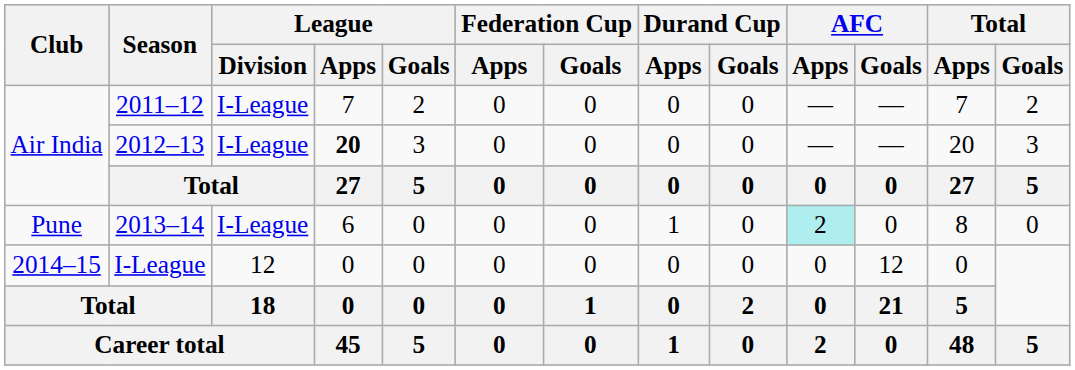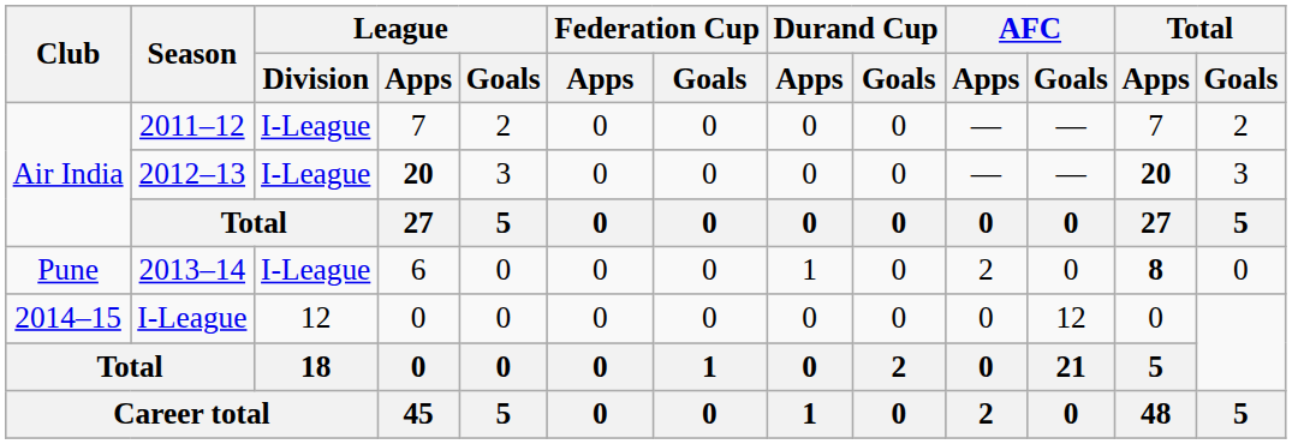 <table class="wikitable" style="text-align: center;">
 <tr>
 <th rowspan="2">Club</th>
 <th rowspan="2">Season</th>
 <th colspan="3">League</th>
 <th colspan="2">Federation Cup</th>
 <th colspan="2">Durand Cup</th>
 <th colspan="2"><a href='#'>AFC</a></th>
 <th colspan="2">Total</th>
 </tr>
 <tr>
 <th>Division</th>
 <th>Apps</th>
 <th>Goals</th>
 <th>Apps</th>
 <th>Goals</th>
 <th>Apps</th>
 <th>Goals</th>
 <th>Apps</th>
 <th>Goals</th>
 <th>Apps</th>
 <th>Goals</th>
 </tr>
 <tr>
 <td rowspan="3"><a href='#'>Air India</a></td>
 <td><a href='#'>2011–12</a></td>
 <td><a href='#'>I-League</a></td>
 <td>7</td>
 <td>2</td>
 <td>0</td>
 <td>0</td>
 <td>0</td>
 <td>0</td>
 <td>—</td>
 <td>—</td>
 <td>7</td>
 <td>2</td>
 </tr>
 <tr>
 <td><a href='#'>2012–13</a></td>
 <td><a href='#'>I-League</a></td>
 <td><strong>20</strong></td>
 <td>3</td>
 <td>0</td>
 <td>0</td>
 <td>0</td>
 <td>0</td>
 <td>—</td>
 <td>—</td>
-<td>20</td>
+<td><strong>20</strong></td>
 <td>3</td>
 </tr>
 <tr>
 <th colspan="2">Total</th>
 <th>27</th>
 <th>5</th>
 <th>0</th>
 <th>0</th>
 <th>0</th>
 <th>0</th>
 <th>0</th>
 <th>0</th>
 <th>27</th>
 <th>5</th>
 </tr>
 <tr>
 <td rowspan="1"><a href='#'>Pune</a></td>
 <td><a href='#'>2013–14</a></td>
 <td><a href='#'>I-League</a></td>
 <td>6</td>
 <td>0</td>
 <td>0</td>
 <td>0</td>
 <td>1</td>
 <td>0</td>
-<td style="background: paleturquoise;">2</td>
+<td>2</td>
 <td>0</td>
-<td>8</td>
+<td><strong>8</strong></td>
 <td>0</td>
 </tr>
 <tr>
 <td><a href='#'>2014–15</a></td>
 <td><a href='#'>I-League</a></td>
 <td>12</td>
 <td>0</td>
 <td>0</td>
 <td>0</td>
 <td>0</td>
 <td>0</td>
 <td>0</td>
 <td>0</td>
 <td>12</td>
 <td>0</td>
 </tr>
 <tr>
 <th colspan="2">Total</th>
 <th>18</th>
 <th>0</th>
 <th>0</th>
 <th>0</th>
 <th>1</th>
 <th>0</th>
 <th>2</th>
 <th>0</th>
 <th>21</th>
 <th>5</th>
 </tr>
 <tr>
 <th colspan="3">Career total</th>
 <th>45</th>
 <th>5</th>
 <th>0</th>
 <th>0</th>
 <th>1</th>
 <th>0</th>
 <th>2</th>
 <th>0</th>
 <th>48</th>
 <th>5</th>
 </tr>
 </table>
